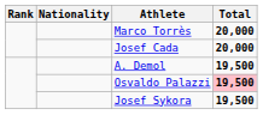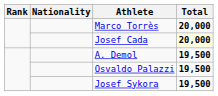 <table class="wikitable">
 <tr>
 <th>Rank</th>
 <th>Nationality</th>
 <th>Athlete</th>
 <th>Total</th>
 </tr>
 <tr>
 <td rowspan="2"></td>
 <td></td>
 <td><a href='#'>Marco Torrès</a></td>
 <td><strong>20,000</strong></td>
 </tr>
 <tr>
 <td></td>
 <td><a href='#'>Josef Cada</a></td>
-<td><strong>20,000</strong></td>
+<td style="background: lightyellow;"><strong>20,000</strong></td>
 </tr>
 <tr>
 <td rowspan="3"></td>
 <td></td>
 <td><a href='#'>A. Demol</a></td>
 <td><strong>19,500</strong></td>
 </tr>
 <tr>
 <td></td>
 <td><a href='#'>Osvaldo Palazzi</a></td>
-<td style="background: pink;"><strong>19,500</strong></td>
+<td><strong>19,500</strong></td>
 </tr>
 <tr>
 <td></td>
 <td><a href='#'>Josef Sykora</a></td>
 <td><strong>19,500</strong></td>
 </tr>
 </table>
